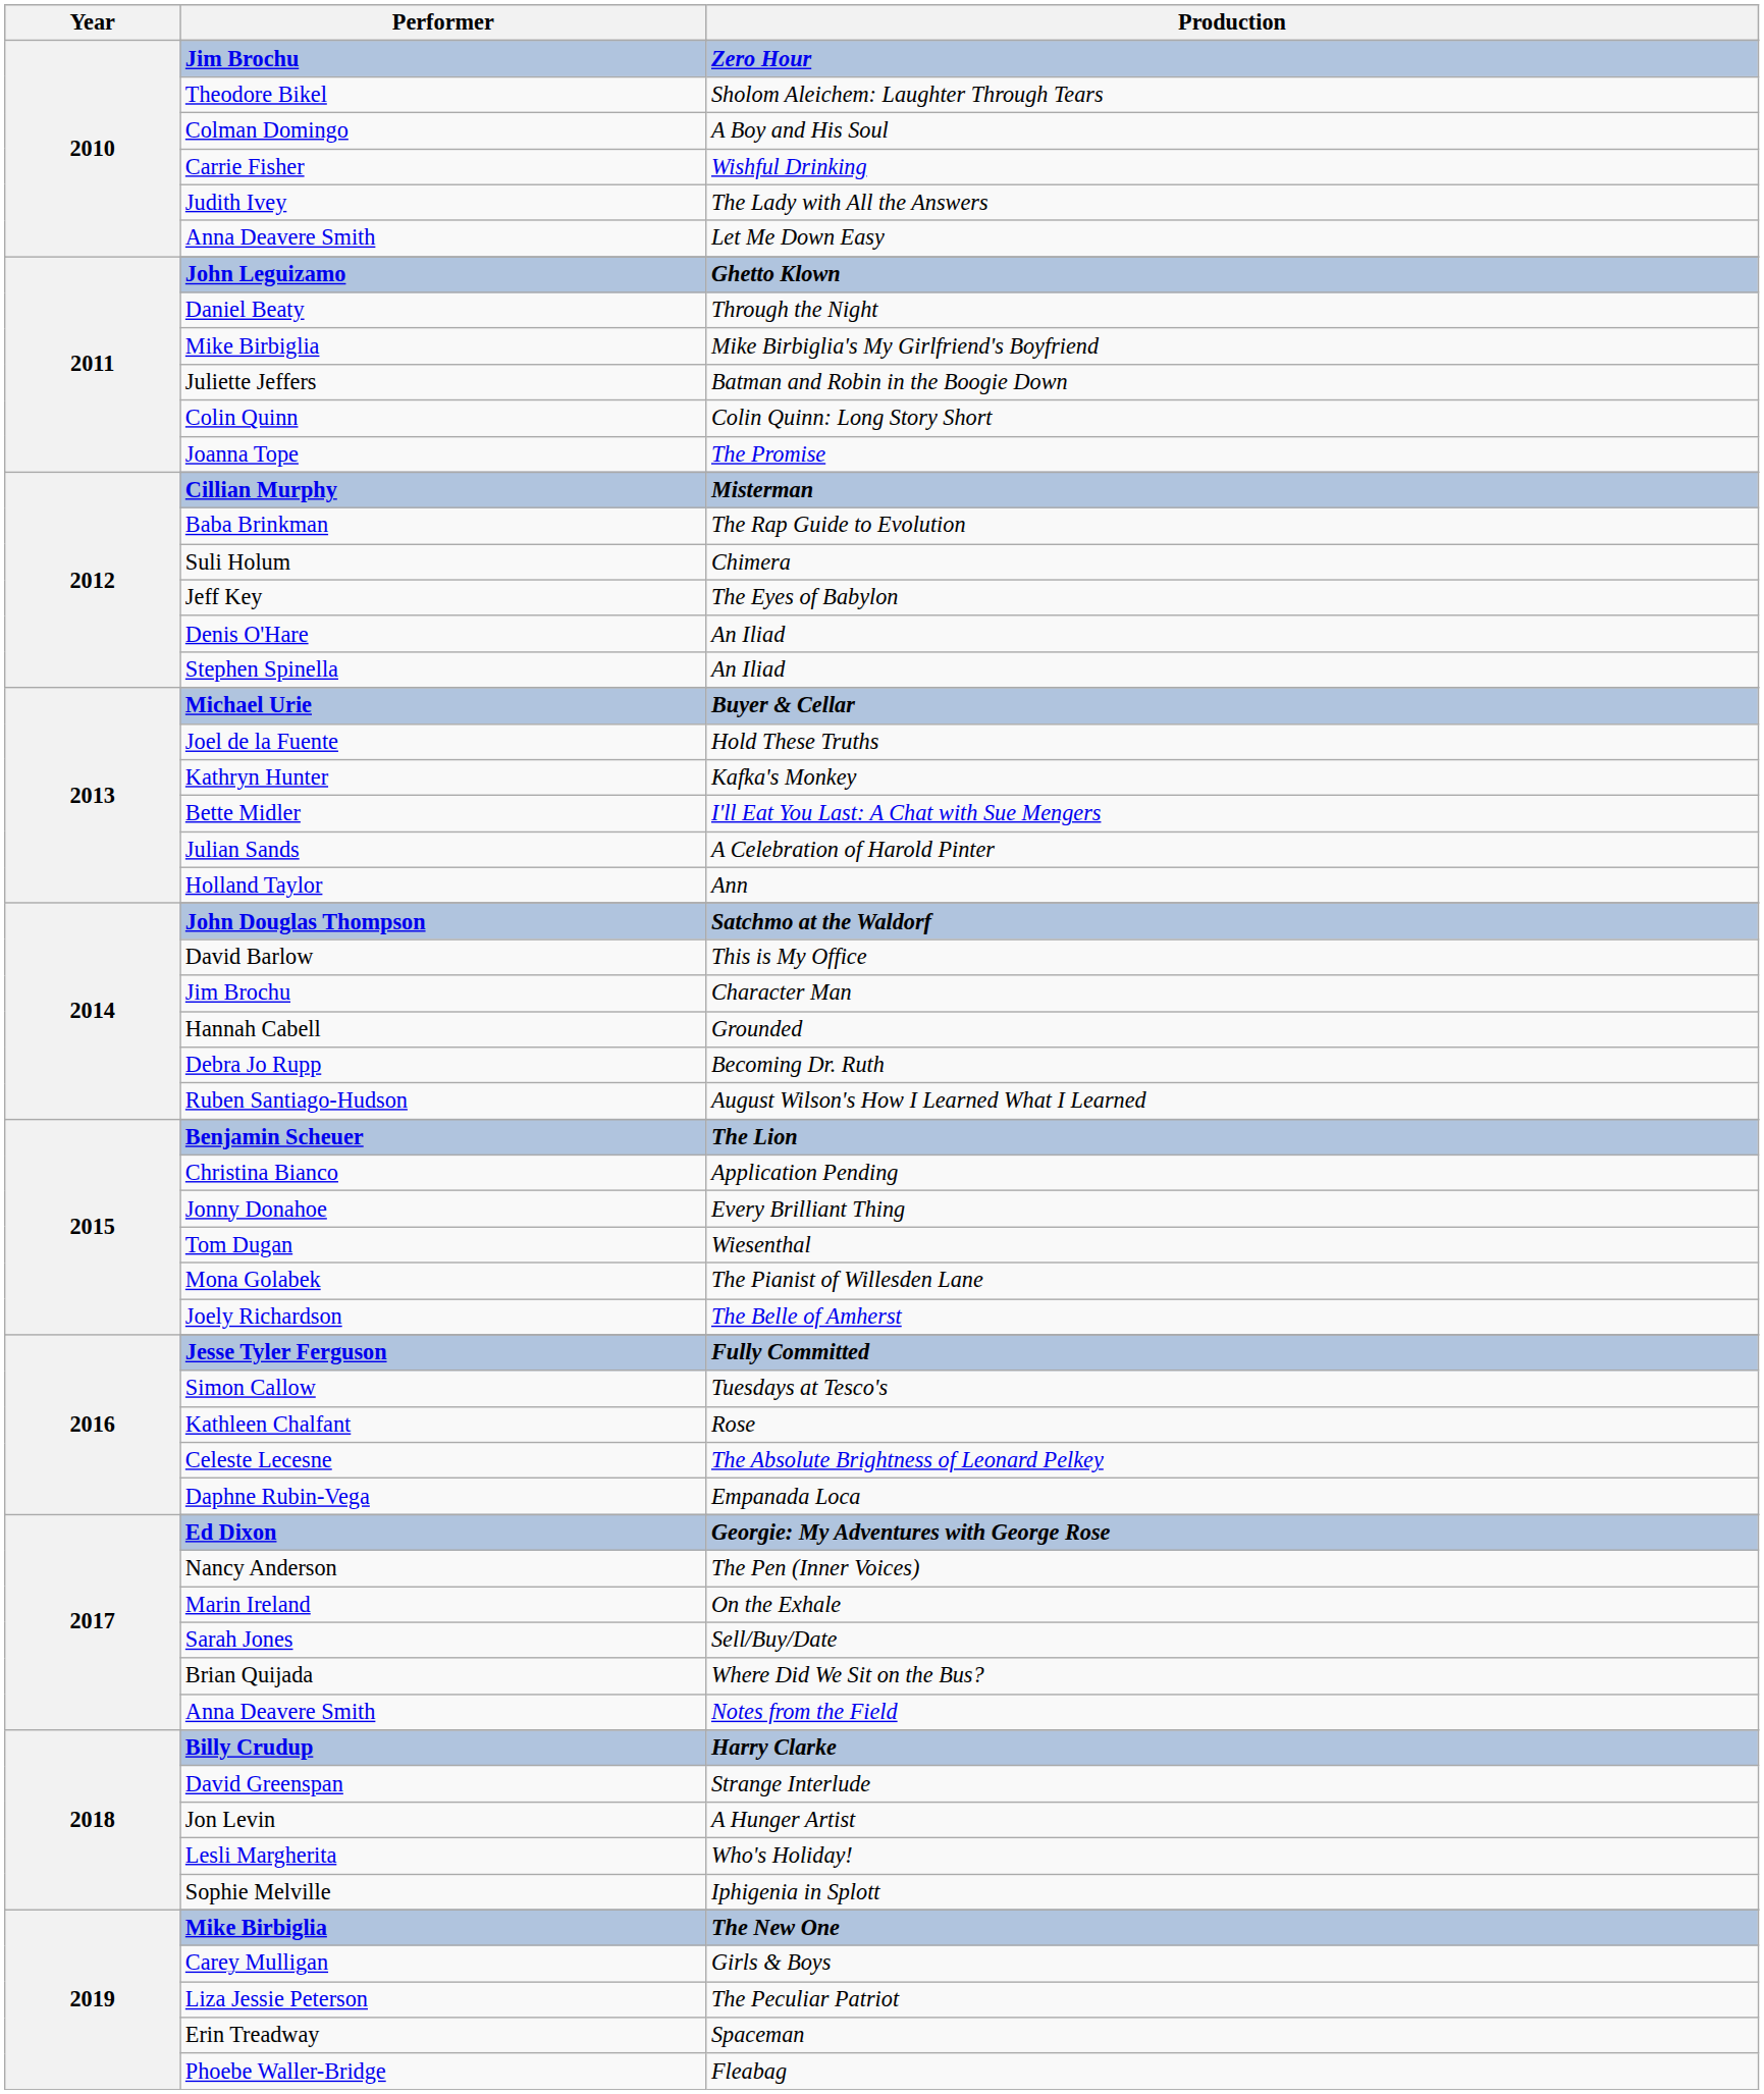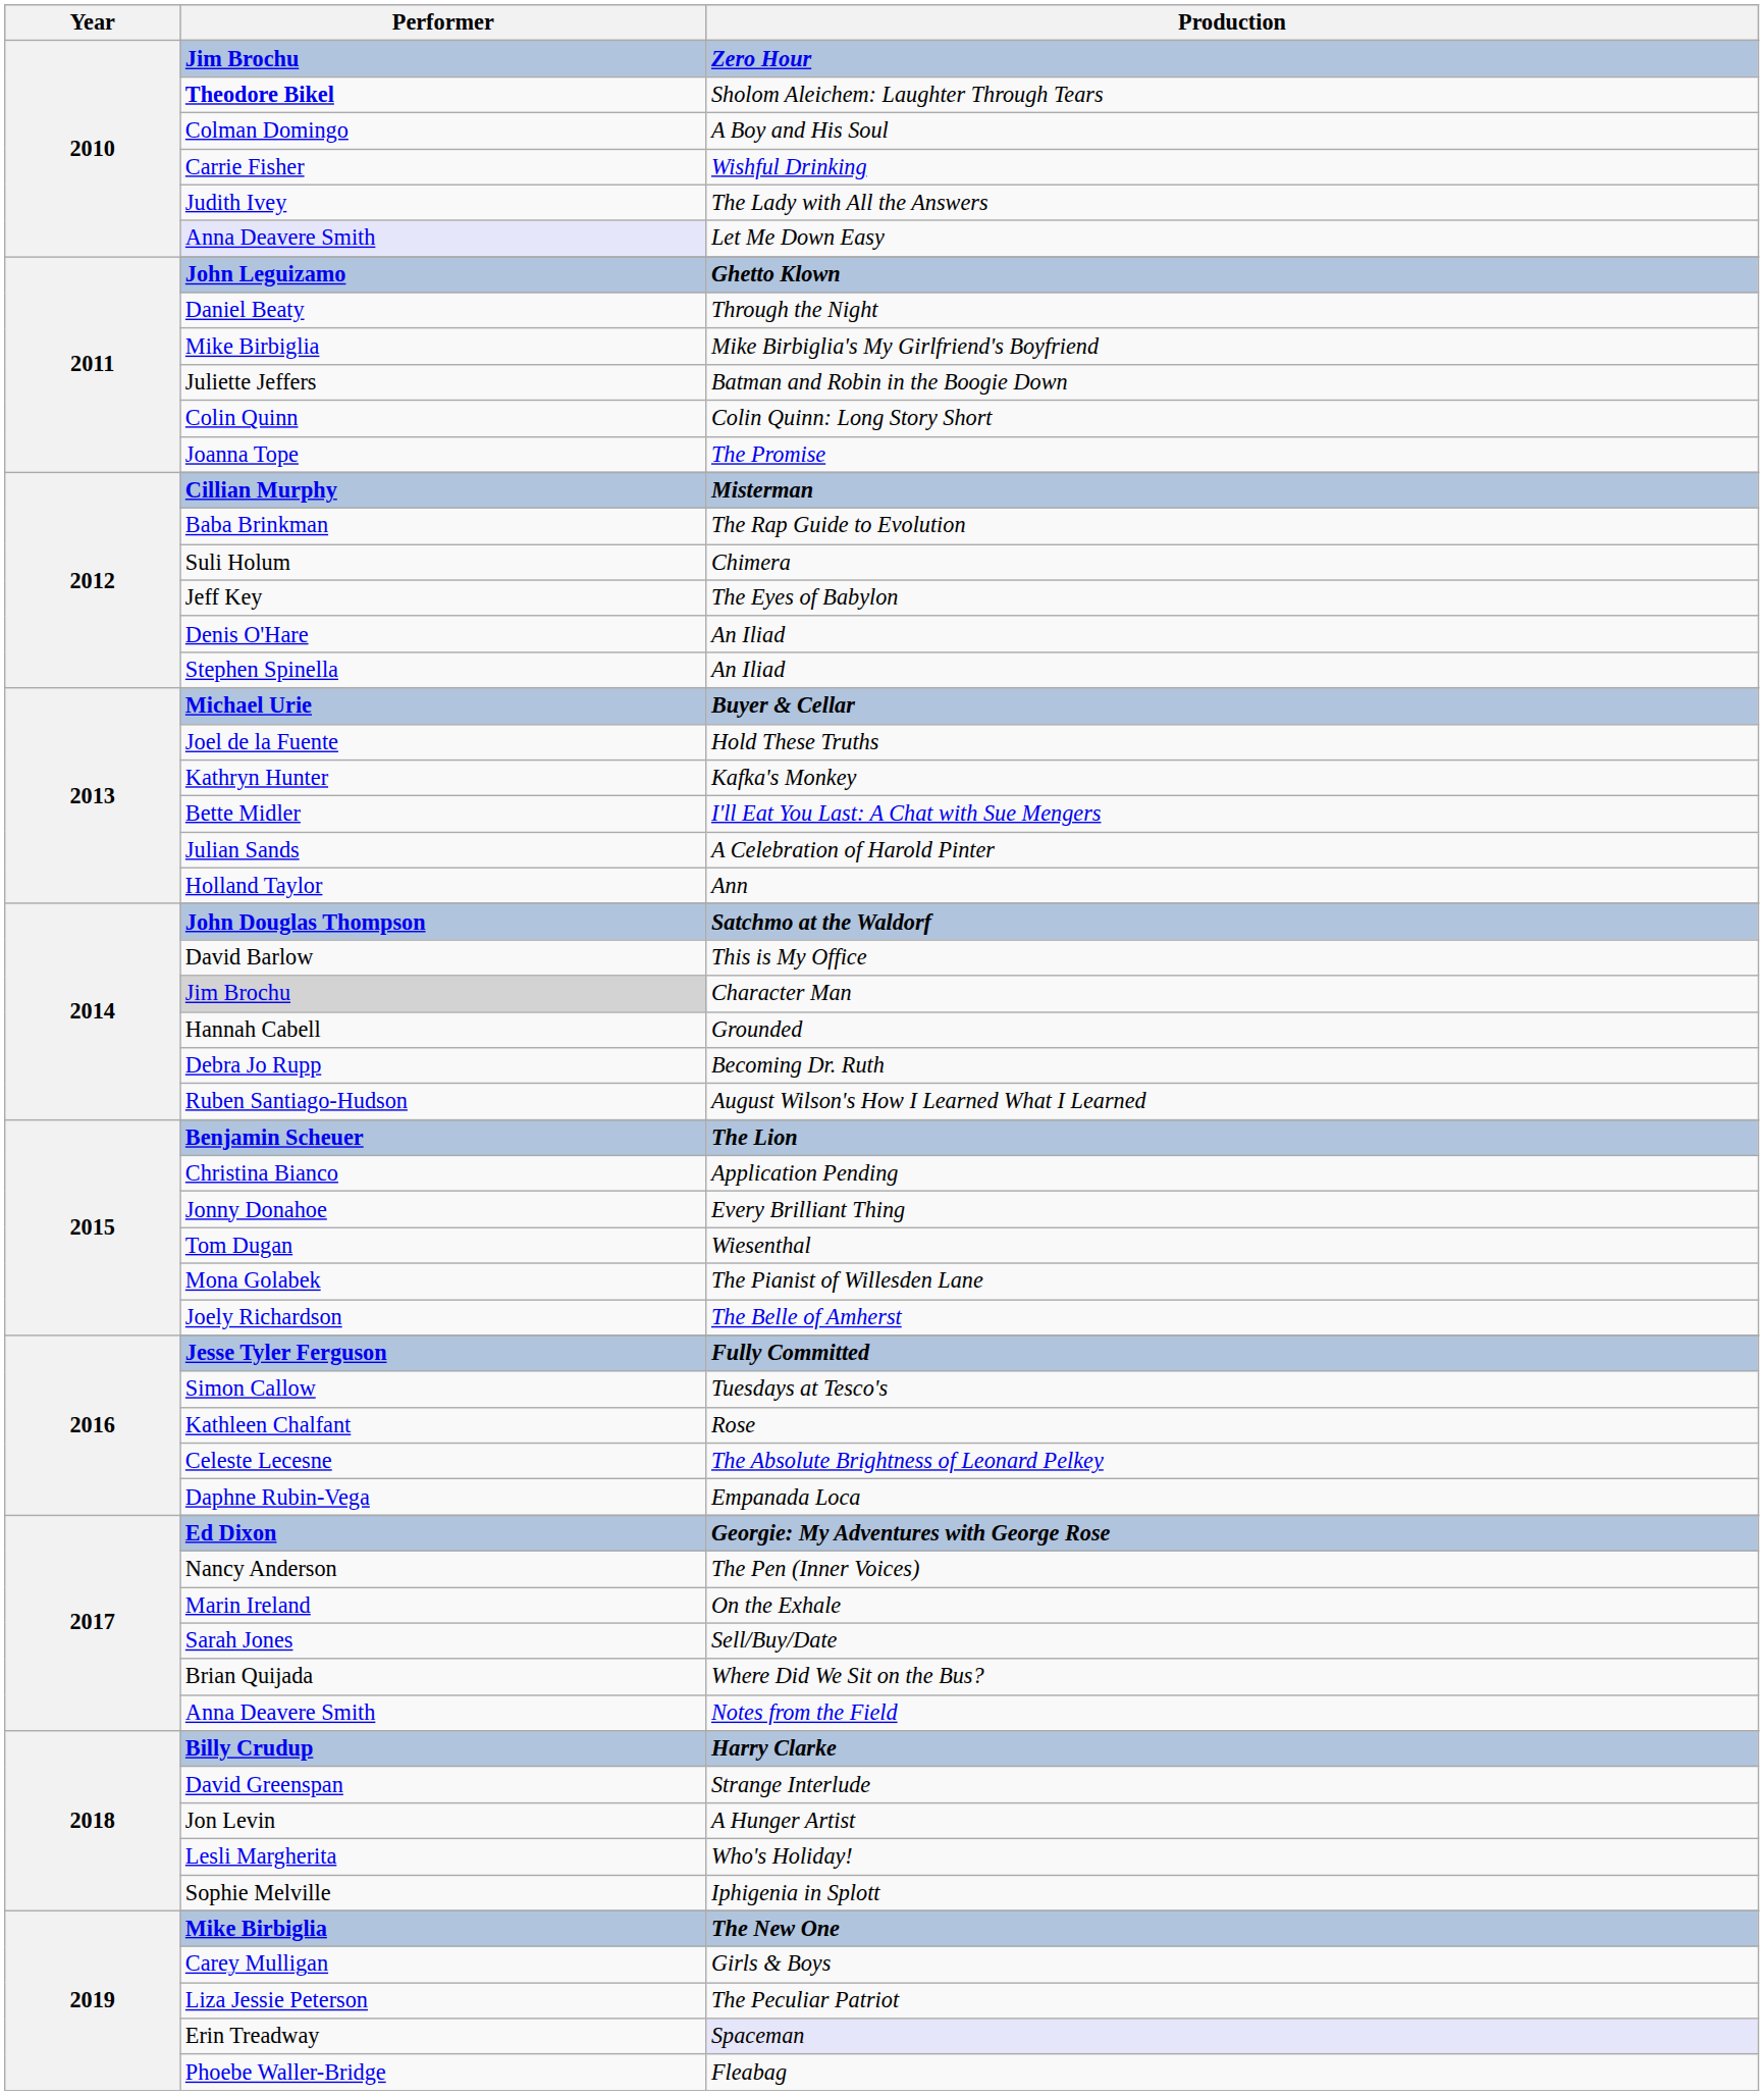 <table class="wikitable" style="width:98%;">
 <tr style="background:#bebebe;">
 <th style="width:10%;">Year</th>
 <th style="width:30%;">Performer</th>
 <th style="width:60%;">Production</th>
 </tr>
 <tr>
 <th rowspan="7">2010</th>
 </tr>
 <tr style="background:#B0C4DE">
 <td><strong><a href='#'>Jim Brochu</a></strong></td>
 <td><strong><em><a href='#'>Zero Hour</a></em></strong></td>
 </tr>
 <tr>
-<td><a href='#'>Theodore Bikel</a></td>
+<td><strong><a href='#'>Theodore Bikel</a></strong></td>
 <td><em>Sholom Aleichem: Laughter Through Tears</em></td>
 </tr>
 <tr>
 <td><a href='#'>Colman Domingo</a></td>
 <td><em>A Boy and His Soul</em></td>
 </tr>
 <tr>
 <td><a href='#'>Carrie Fisher</a></td>
 <td><em><a href='#'>Wishful Drinking</a></em></td>
 </tr>
 <tr>
 <td><a href='#'>Judith Ivey</a></td>
 <td><em>The Lady with All the Answers</em></td>
 </tr>
 <tr>
-<td><a href='#'>Anna Deavere Smith</a></td>
+<td style="background: lavender;"><a href='#'>Anna Deavere Smith</a></td>
 <td><em>Let Me Down Easy</em></td>
 </tr>
 <tr>
 <th rowspan="7">2011</th>
 </tr>
 <tr style="background:#B0C4DE">
 <td><strong><a href='#'>John Leguizamo</a></strong></td>
 <td><strong><em>Ghetto Klown</em></strong></td>
 </tr>
 <tr>
 <td><a href='#'>Daniel Beaty</a></td>
 <td><em>Through the Night</em></td>
 </tr>
 <tr>
 <td><a href='#'>Mike Birbiglia</a></td>
 <td><em>Mike Birbiglia's My Girlfriend's Boyfriend</em></td>
 </tr>
 <tr>
 <td>Juliette Jeffers</td>
 <td><em>Batman and Robin in the Boogie Down</em></td>
 </tr>
 <tr>
 <td><a href='#'>Colin Quinn</a></td>
 <td><em>Colin Quinn: Long Story Short</em></td>
 </tr>
 <tr>
 <td><a href='#'>Joanna Tope</a></td>
 <td><em><a href='#'>The Promise</a></em></td>
 </tr>
 <tr>
 <th rowspan="7">2012</th>
 </tr>
 <tr style="background:#B0C4DE">
 <td><strong><a href='#'>Cillian Murphy</a></strong></td>
 <td><strong><em>Misterman</em></strong></td>
 </tr>
 <tr>
 <td><a href='#'>Baba Brinkman</a></td>
 <td><em>The Rap Guide to Evolution</em></td>
 </tr>
 <tr>
 <td>Suli Holum</td>
 <td><em>Chimera</em></td>
 </tr>
 <tr>
 <td>Jeff Key</td>
 <td><em>The Eyes of Babylon</em></td>
 </tr>
 <tr>
 <td><a href='#'>Denis O'Hare</a></td>
 <td><em>An Iliad</em></td>
 </tr>
 <tr>
 <td><a href='#'>Stephen Spinella</a></td>
 <td><em>An Iliad</em></td>
 </tr>
 <tr>
 <th rowspan="7">2013</th>
 </tr>
 <tr style="background:#B0C4DE">
 <td><strong><a href='#'>Michael Urie</a></strong></td>
 <td><strong><em>Buyer & Cellar</em></strong></td>
 </tr>
 <tr>
 <td><a href='#'>Joel de la Fuente</a></td>
 <td><em>Hold These Truths</em></td>
 </tr>
 <tr>
 <td><a href='#'>Kathryn Hunter</a></td>
 <td><em>Kafka's Monkey</em></td>
 </tr>
 <tr>
 <td><a href='#'>Bette Midler</a></td>
 <td><em><a href='#'>I'll Eat You Last: A Chat with Sue Mengers</a></em></td>
 </tr>
 <tr>
 <td><a href='#'>Julian Sands</a></td>
 <td><em>A Celebration of Harold Pinter</em></td>
 </tr>
 <tr>
 <td><a href='#'>Holland Taylor</a></td>
 <td><em>Ann</em></td>
 </tr>
 <tr>
 <th rowspan="7">2014</th>
 </tr>
 <tr style="background:#B0C4DE">
 <td><strong><a href='#'>John Douglas Thompson</a></strong></td>
 <td><strong><em>Satchmo at the Waldorf</em></strong></td>
 </tr>
 <tr>
 <td>David Barlow</td>
 <td><em>This is My Office</em></td>
 </tr>
 <tr>
-<td><a href='#'>Jim Brochu</a></td>
+<td style="background: lightgrey;"><a href='#'>Jim Brochu</a></td>
 <td><em>Character Man</em></td>
 </tr>
 <tr>
 <td>Hannah Cabell</td>
 <td><em>Grounded</em></td>
 </tr>
 <tr>
 <td><a href='#'>Debra Jo Rupp</a></td>
 <td><em>Becoming Dr. Ruth</em></td>
 </tr>
 <tr>
 <td><a href='#'>Ruben Santiago-Hudson</a></td>
 <td><em>August Wilson's How I Learned What I Learned</em></td>
 </tr>
 <tr>
 <th rowspan="7">2015</th>
 </tr>
 <tr style="background:#B0C4DE">
 <td><strong><a href='#'>Benjamin Scheuer</a></strong></td>
 <td><strong><em>The Lion</em></strong></td>
 </tr>
 <tr>
 <td><a href='#'>Christina Bianco</a></td>
 <td><em>Application Pending</em></td>
 </tr>
 <tr>
 <td><a href='#'>Jonny Donahoe</a></td>
 <td><em>Every Brilliant Thing</em></td>
 </tr>
 <tr>
 <td><a href='#'>Tom Dugan</a></td>
 <td><em>Wiesenthal</em></td>
 </tr>
 <tr>
 <td><a href='#'>Mona Golabek</a></td>
 <td><em>The Pianist of Willesden Lane</em></td>
 </tr>
 <tr>
 <td><a href='#'>Joely Richardson</a></td>
 <td><em><a href='#'>The Belle of Amherst</a></em></td>
 </tr>
 <tr>
 <th rowspan="6">2016</th>
 </tr>
 <tr style="background:#B0C4DE">
 <td><strong><a href='#'>Jesse Tyler Ferguson</a></strong></td>
 <td><strong><em>Fully Committed</em></strong></td>
 </tr>
 <tr>
 <td><a href='#'>Simon Callow</a></td>
 <td><em>Tuesdays at Tesco's</em></td>
 </tr>
 <tr>
 <td><a href='#'>Kathleen Chalfant</a></td>
 <td><em>Rose</em></td>
 </tr>
 <tr>
 <td><a href='#'>Celeste Lecesne</a></td>
 <td><em><a href='#'>The Absolute Brightness of Leonard Pelkey</a></em></td>
 </tr>
 <tr>
 <td><a href='#'>Daphne Rubin-Vega</a></td>
 <td><em>Empanada Loca</em></td>
 </tr>
 <tr>
 <th rowspan="7">2017</th>
 </tr>
 <tr style="background:#B0C4DE">
 <td><strong><a href='#'>Ed Dixon</a></strong></td>
 <td><strong><em>Georgie: My Adventures with George Rose</em></strong></td>
 </tr>
 <tr>
 <td>Nancy Anderson</td>
 <td><em>The Pen (Inner Voices)</em></td>
 </tr>
 <tr>
 <td><a href='#'>Marin Ireland</a></td>
 <td><em>On the Exhale</em></td>
 </tr>
 <tr>
 <td><a href='#'>Sarah Jones</a></td>
 <td><em>Sell/Buy/Date</em></td>
 </tr>
 <tr>
 <td>Brian Quijada</td>
 <td><em>Where Did We Sit on the Bus?</em></td>
 </tr>
 <tr>
 <td><a href='#'>Anna Deavere Smith</a></td>
 <td><em><a href='#'>Notes from the Field</a></em></td>
 </tr>
 <tr>
 <th rowspan="6">2018</th>
 </tr>
 <tr style="background:#B0C4DE">
 <td><strong><a href='#'>Billy Crudup</a></strong></td>
 <td><strong><em>Harry Clarke</em></strong></td>
 </tr>
 <tr>
 <td><a href='#'>David Greenspan</a></td>
 <td><em>Strange Interlude</em></td>
 </tr>
 <tr>
 <td>Jon Levin</td>
 <td><em>A Hunger Artist</em></td>
 </tr>
 <tr>
 <td><a href='#'>Lesli Margherita</a></td>
 <td><em>Who's Holiday!</em></td>
 </tr>
 <tr>
 <td>Sophie Melville</td>
 <td><em>Iphigenia in Splott</em></td>
 </tr>
 <tr>
 <th rowspan="6">2019</th>
 </tr>
 <tr style="background:#B0C4DE">
 <td><strong><a href='#'>Mike Birbiglia</a></strong></td>
 <td><strong><em>The New One</em></strong></td>
 </tr>
 <tr>
 <td><a href='#'>Carey Mulligan</a></td>
 <td><em>Girls & Boys</em></td>
 </tr>
 <tr>
 <td><a href='#'>Liza Jessie Peterson</a></td>
 <td><em>The Peculiar Patriot</em></td>
 </tr>
 <tr>
 <td>Erin Treadway</td>
-<td><em>Spaceman</em></td>
+<td style="background: lavender;"><em>Spaceman</em></td>
 </tr>
 <tr>
 <td><a href='#'>Phoebe Waller-Bridge</a></td>
 <td><em>Fleabag</em></td>
 </tr>
 </table>
